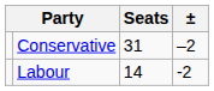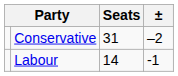 <table class="wikitable">
 <tr>
 <th colspan="2">Party</th>
 <th>Seats</th>
 <th>  ±  </th>
 </tr>
 <tr>
 <td style="background-color: "></td>
 <td><a href='#'>Conservative</a></td>
 <td>31</td>
 <td>–2</td>
 </tr>
 <tr>
 <td style="background-color: "></td>
 <td><a href='#'>Labour</a></td>
 <td>14</td>
-<td>-2</td>
+<td>-1</td>
 </tr>
 </table>
